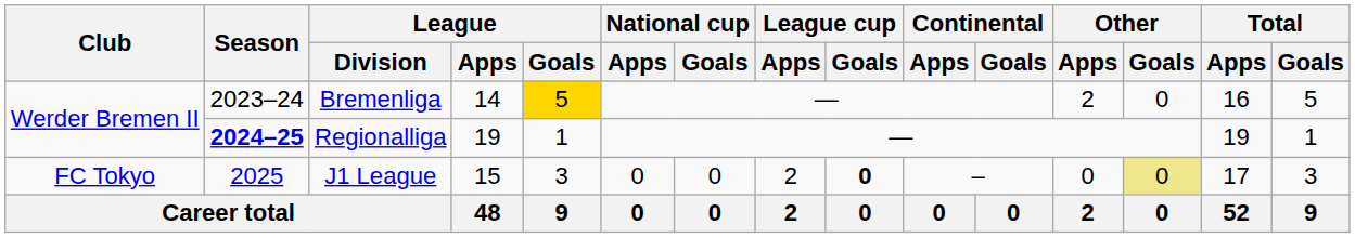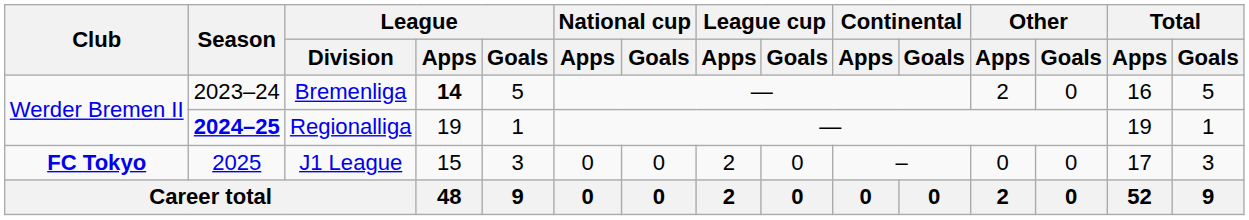 <table class="wikitable" style="text-align:center">
 <tr>
 <th rowspan="2">Club</th>
 <th rowspan="2">Season</th>
 <th colspan="3">League</th>
 <th colspan="2">National cup</th>
 <th colspan="2">League cup</th>
 <th colspan="2">Continental</th>
 <th colspan="2">Other</th>
 <th colspan="2">Total</th>
 </tr>
 <tr>
 <th>Division</th>
 <th>Apps</th>
 <th>Goals</th>
 <th>Apps</th>
 <th>Goals</th>
 <th>Apps</th>
 <th>Goals</th>
 <th>Apps</th>
 <th>Goals</th>
 <th>Apps</th>
 <th>Goals</th>
 <th>Apps</th>
 <th>Goals</th>
 </tr>
 <tr>
 <td rowspan="2"><a href='#'>Werder Bremen II</a></td>
 <td>2023–24</td>
 <td><a href='#'>Bremenliga</a></td>
-<td>14</td>
-<td style="background: gold;">5</td>
+<td><strong>14</strong></td>
+<td>5</td>
 <td colspan="6">—</td>
 <td>2</td>
 <td>0</td>
 <td>16</td>
 <td>5</td>
 </tr>
 <tr>
 <td><strong><a href='#'>2024–25</a></strong></td>
 <td><a href='#'>Regionalliga</a></td>
 <td>19</td>
 <td>1</td>
 <td colspan="8">—</td>
 <td>19</td>
 <td>1</td>
 </tr>
 <tr>
-<td><a href='#'>FC Tokyo</a></td>
+<td><strong><a href='#'>FC Tokyo</a></strong></td>
 <td><a href='#'>2025</a></td>
 <td><a href='#'>J1 League</a></td>
 <td>15</td>
 <td>3</td>
 <td>0</td>
 <td>0</td>
 <td>2</td>
-<td><strong>0</strong></td>
+<td>0</td>
 <td colspan="2">–</td>
 <td>0</td>
-<td style="background: khaki;">0</td>
+<td>0</td>
 <td>17</td>
 <td>3</td>
 </tr>
 <tr>
 <th colspan="3">Career total</th>
 <th>48</th>
 <th>9</th>
 <th>0</th>
 <th>0</th>
 <th>2</th>
 <th>0</th>
 <th>0</th>
 <th>0</th>
 <th>2</th>
 <th>0</th>
 <th>52</th>
 <th>9</th>
 </tr>
 </table>
